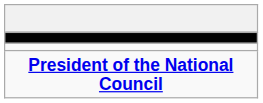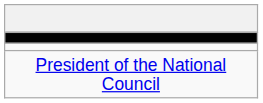 <table class="wikitable" style="font-size:90%; text-align:center;">
 <tr>
 <td style="background:#f1f1f1;" colspan="30"><br></td>
 </tr>
 <tr>
 <th style="width:3em; font-size:135%; background:black ; width:200px;"><a href='#'></a></th>
 </tr>
 <tr>
 <td></td>
 </tr>
 <tr>
-<td><strong><a href='#'>President of the National Council</a><br></strong></td>
+<td><a href='#'>President of the National Council</a><br></td>
 </tr>
 </table>
